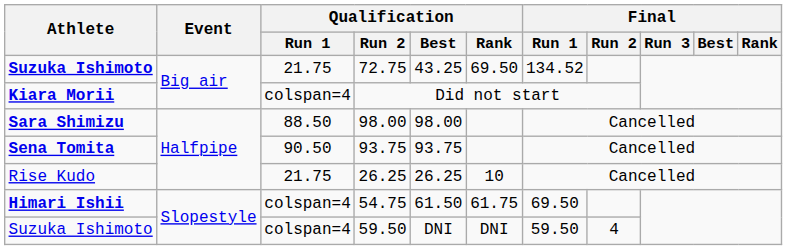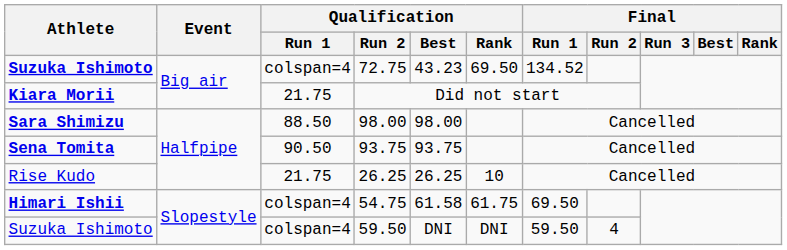 <table class=wikitable style=font-size:90%;text-align:center>
 <tr>
 <th rowspan=2>Athlete</th>
 <th rowspan=2>Event</th>
 <th colspan=4>Qualification</th>
 <th colspan=5>Final</th>
 </tr>
 <tr style=font-size:95%>
 <th>Run 1</th>
 <th>Run 2</th>
 <th>Best</th>
 <th>Rank</th>
 <th>Run 1</th>
 <th>Run 2</th>
 <th>Run 3</th>
 <th>Best</th>
 <th>Rank</th>
 </tr>
 <tr align=center>
 <td align=left><strong><a href='#'>Suzuka Ishimoto</a></strong></td>
 <td align=left rowspan=2><a href='#'>Big air</a></td>
-<td>21.75</td>
+<td>colspan=4 </td>
 <td>72.75</td>
-<td>43.25</td>
+<td>43.23</td>
 <td>69.50</td>
 <td>134.52</td>
 <td></td>
 </tr>
 <tr align=center>
 <td align=left><strong><a href='#'>Kiara Morii</a></strong></td>
-<td>colspan=4 </td>
+<td>21.75</td>
 <td colspan=5>Did not start</td>
 </tr>
 <tr align=center>
 <td align=left><strong><a href='#'>Sara Shimizu</a></strong></td>
 <td align=left rowspan=3><a href='#'>Halfpipe</a></td>
 <td>88.50</td>
 <td>98.00</td>
 <td>98.00</td>
 <td></td>
 <td colspan=5>Cancelled</td>
 </tr>
 <tr align=center>
 <td align=left><strong><a href='#'>Sena Tomita</a></strong></td>
 <td>90.50</td>
 <td>93.75</td>
 <td>93.75</td>
 <td></td>
 <td colspan=5>Cancelled</td>
 </tr>
 <tr align=center>
 <td align=left><a href='#'>Rise Kudo</a></td>
 <td>21.75</td>
 <td>26.25</td>
 <td>26.25</td>
 <td>10</td>
 <td colspan=5>Cancelled</td>
 </tr>
 <tr align=center>
 <td align=left><strong><a href='#'>Himari Ishii</a></strong></td>
 <td align=left rowspan=2><a href='#'>Slopestyle</a></td>
 <td>colspan=4 </td>
 <td>54.75</td>
-<td>61.50</td>
+<td>61.58</td>
 <td>61.75</td>
 <td>69.50</td>
 <td></td>
 </tr>
 <tr align=center>
 <td align=left><a href='#'>Suzuka Ishimoto</a></td>
 <td>colspan=4 </td>
 <td>59.50</td>
 <td>DNI</td>
 <td>DNI</td>
 <td>59.50</td>
 <td>4</td>
 </tr>
 </table>
